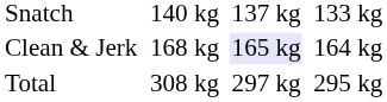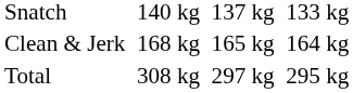 <table>
 <tr>
 <td>Snatch</td>
 <td></td>
 <td>140 kg</td>
 <td></td>
 <td>137 kg</td>
 <td></td>
 <td>133 kg</td>
 </tr>
 <tr>
 <td>Clean & Jerk</td>
 <td></td>
 <td>168 kg</td>
 <td></td>
-<td style="background: lavender;">165 kg</td>
+<td>165 kg</td>
 <td></td>
 <td>164 kg</td>
 </tr>
 <tr>
 <td>Total</td>
 <td></td>
 <td>308 kg</td>
 <td></td>
 <td>297 kg</td>
 <td></td>
 <td>295 kg</td>
 </tr>
 </table>
